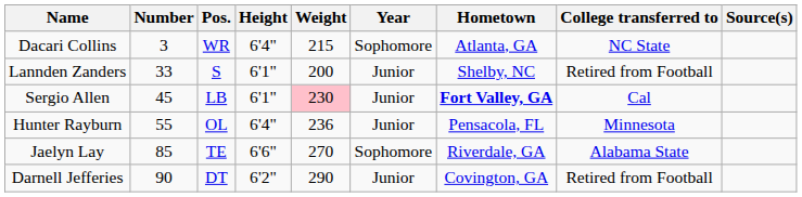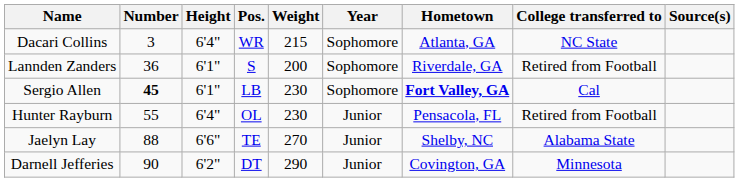 <table class="wikitable sortable" border="1" style="text-align: center;">
 <tr align=center>
 <th>Name</th>
 <th>Number</th>
+<th>Height</th>
 <th>Pos.</th>
-<th>Height</th>
 <th>Weight</th>
 <th>Year</th>
 <th>Hometown</th>
 <th>College transferred to</th>
 <th>Source(s)</th>
 </tr>
 <tr>
 <td>Dacari Collins</td>
 <td>3</td>
+<td>6'4"</td>
 <td><a href='#'>WR</a></td>
-<td>6'4"</td>
 <td>215</td>
 <td>Sophomore</td>
 <td><a href='#'>Atlanta, GA</a></td>
 <td><a href='#'>NC State</a></td>
 <td></td>
 </tr>
 <tr>
 <td>Lannden Zanders</td>
-<td>33</td>
+<td>36</td>
+<td>6'1"</td>
 <td><a href='#'>S</a></td>
-<td>6'1"</td>
 <td>200</td>
-<td> Junior</td>
-<td><a href='#'>Shelby, NC</a></td>
+<td>Sophomore</td>
+<td><a href='#'>Riverdale, GA</a></td>
 <td>Retired from Football</td>
 <td></td>
 </tr>
 <tr>
 <td>Sergio Allen</td>
-<td>45</td>
+<td><strong>45</strong></td>
+<td>6'1"</td>
 <td><a href='#'>LB</a></td>
-<td>6'1"</td>
-<td style="background: pink;">230</td>
-<td>Junior</td>
+<td>230</td>
+<td> Sophomore</td>
 <td><strong><a href='#'>Fort Valley, GA</a></strong></td>
 <td><a href='#'>Cal</a></td>
 <td></td>
 </tr>
 <tr>
 <td>Hunter Rayburn</td>
 <td>55</td>
+<td>6'4"</td>
 <td><a href='#'>OL</a></td>
-<td>6'4"</td>
-<td>236</td>
+<td>230</td>
 <td> Junior</td>
 <td><a href='#'>Pensacola, FL</a></td>
-<td><a href='#'>Minnesota</a></td>
+<td>Retired from Football</td>
 <td></td>
 </tr>
 <tr>
 <td>Jaelyn Lay</td>
-<td>85</td>
+<td>88</td>
+<td>6'6"</td>
 <td><a href='#'>TE</a></td>
-<td>6'6"</td>
 <td>270</td>
-<td> Sophomore</td>
-<td><a href='#'>Riverdale, GA</a></td>
+<td> Junior</td>
+<td><a href='#'>Shelby, NC</a></td>
 <td><a href='#'>Alabama State</a></td>
 <td></td>
 </tr>
 <tr>
 <td>Darnell Jefferies</td>
 <td>90</td>
+<td>6'2"</td>
 <td><a href='#'>DT</a></td>
-<td>6'2"</td>
 <td>290</td>
 <td> Junior</td>
 <td><a href='#'>Covington, GA</a></td>
-<td>Retired from Football</td>
+<td><a href='#'>Minnesota</a></td>
 <td></td>
 </tr>
 </table>
